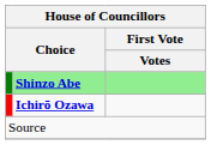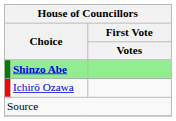 <table class="wikitable" style="font-size:90%;">
 <tr>
 <th colspan="4">House of Councillors</th>
 </tr>
 <tr>
 <th align="left" rowspan="2" colspan="2" width="100">Choice</th>
 <th colspan="2">First Vote</th>
 </tr>
 <tr>
 <th width="100">Votes</th>
 </tr>
 <tr style="background:lightgreen;">
 <td width="1" bgcolor="green"></td>
 <td align="left"><strong><a href='#'>Shinzo Abe</a></strong></td>
 <td></td>
 </tr>
 <tr>
 <td bgcolor="red"></td>
-<td align="left"><strong><a href='#'>Ichirō Ozawa</a></strong></td>
+<td align="left"><a href='#'>Ichirō Ozawa</a></td>
 <td></td>
 </tr>
 <tr>
 <td colspan=3>Source</td>
 </tr>
 <tr>
 </tr>
 </table>
